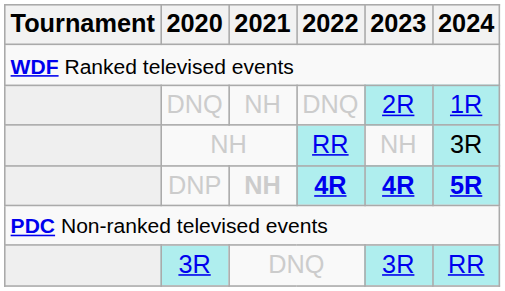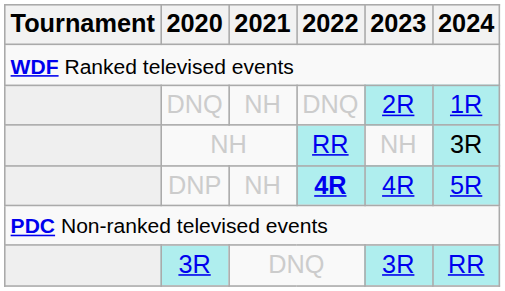 <table class="wikitable" style="width:20%; margin:0">
 <tr>
 <th>Tournament</th>
 <th>2020</th>
 <th>2021</th>
 <th>2022</th>
 <th>2023</th>
 <th>2024</th>
 </tr>
 <tr>
 <td colspan="7" style="text-align:left"><small><strong><a href='#'>WDF</a> </strong>Ranked televised events</small></td>
 </tr>
 <tr>
 <td style="background:#efefef;"></td>
 <td style="text-align:center; color:#ccc;">DNQ</td>
 <td style="text-align:center; color:#ccc;">NH</td>
 <td style="text-align:center; color:#ccc;">DNQ</td>
 <td style="text-align:center; background:#afeeee;"><a href='#'>2R</a></td>
 <td style="text-align:center; background:#afeeee;"><a href='#'>1R</a></td>
 </tr>
 <tr>
 <td style="background:#efefef;"></td>
 <td colspan="2" style="text-align:center; color:#ccc;">NH</td>
 <td style="text-align:center; background:#afeeee;"><a href='#'>RR</a></td>
 <td style="text-align:center; color:#ccc;">NH</td>
 <td style="text-align:center; background:#afeeee;">3R</td>
 </tr>
 <tr>
 <td style="background:#efefef;"></td>
 <td style="text-align:center; color:#ccc;">DNP</td>
-<td style="text-align:center; color:#ccc;"><strong>NH</strong></td>
+<td style="text-align:center; color:#ccc;">NH</td>
 <td style="text-align:center; background:#afeeee;"><strong><a href='#'>4R</a></strong></td>
-<td style="text-align:center; background:#afeeee;"><strong><a href='#'>4R</a></strong></td>
-<td style="text-align:center; background:#afeeee;"><strong><a href='#'>5R</a></strong></td>
+<td style="text-align:center; background:#afeeee;"><a href='#'>4R</a></td>
+<td style="text-align:center; background:#afeeee;"><a href='#'>5R</a></td>
 </tr>
 <tr>
 <td colspan="7" style="text-align:left"><small><strong><a href='#'>PDC</a> </strong>Non-ranked televised events</small></td>
 </tr>
 <tr>
 <td style="background:#efefef;"></td>
 <td style="text-align:center; background:#afeeee;"><a href='#'>3R</a></td>
 <td colspan="2" style="text-align:center; color:#ccc;">DNQ</td>
 <td style="text-align:center; background:#afeeee;"><a href='#'>3R</a></td>
 <td style="text-align:center; background:#afeeee;"><a href='#'>RR</a></td>
 </tr>
 </table>
